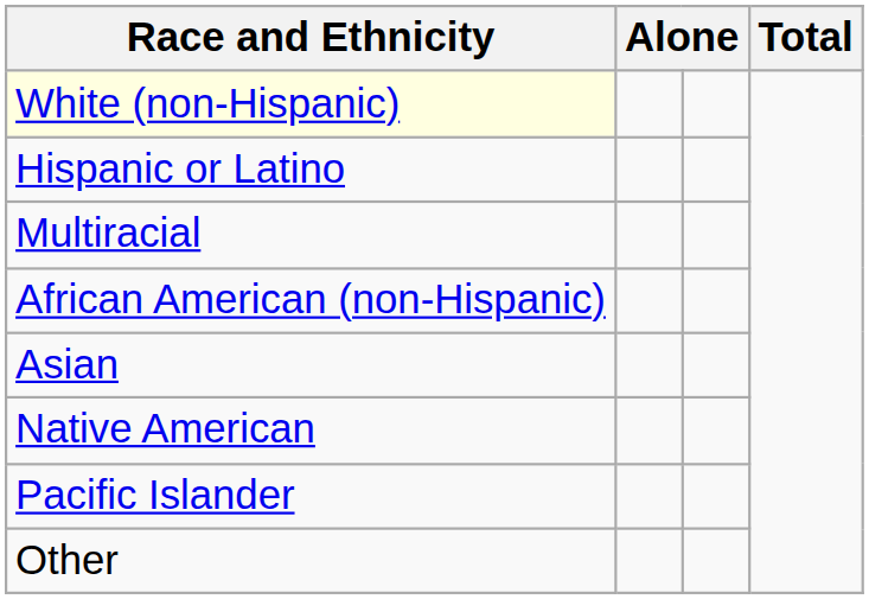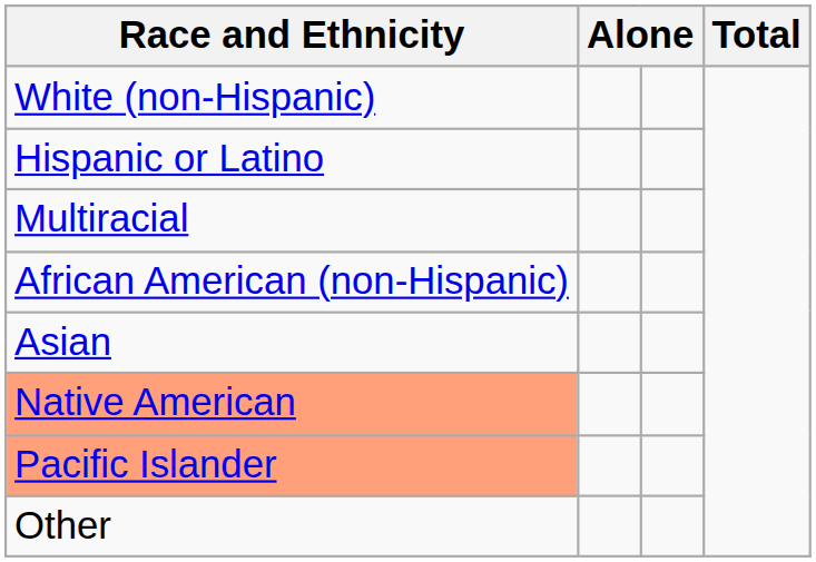 <table class="wikitable sortable collapsible"; text-align:right; font-size:80%;">
 <tr>
 <th>Race and Ethnicity</th>
 <th colspan="2" data-sort-type=number>Alone</th>
 <th colspan="2" data-sort-type=number>Total</th>
 </tr>
 <tr>
-<td style="background: lightyellow;"><a href='#'>White (non-Hispanic)</a></td>
+<td><a href='#'>White (non-Hispanic)</a></td>
 <td align=right></td>
 <td align=right></td>
 </tr>
 <tr>
 <td><a href='#'>Hispanic or Latino</a></td>
 <td align=right></td>
 <td align=right></td>
 </tr>
 <tr>
 <td><a href='#'>Multiracial</a></td>
 <td align=right></td>
 <td align=right></td>
 </tr>
 <tr>
 <td><a href='#'>African American (non-Hispanic)</a></td>
 <td align=right></td>
 <td align=right></td>
 </tr>
 <tr>
 <td><a href='#'>Asian</a></td>
 <td align=right></td>
 <td align=right></td>
 </tr>
 <tr>
-<td><a href='#'>Native American</a></td>
+<td style="background: lightsalmon;"><a href='#'>Native American</a></td>
 <td align=right></td>
 <td align=right></td>
 </tr>
 <tr>
-<td><a href='#'>Pacific Islander</a></td>
+<td style="background: lightsalmon;"><a href='#'>Pacific Islander</a></td>
 <td align=right></td>
 <td align=right></td>
 </tr>
 <tr>
 <td>Other</td>
 <td align=right></td>
 <td align=right></td>
 </tr>
 </table>
